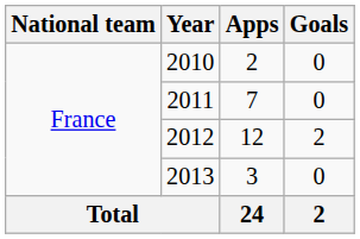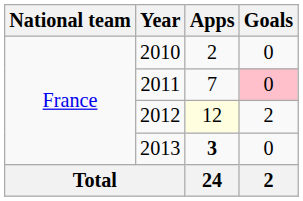 <table class="wikitable" style="text-align:center">
 <tr>
 <th>National team</th>
 <th>Year</th>
 <th>Apps</th>
 <th>Goals</th>
 </tr>
 <tr>
 <td rowspan="4"><a href='#'>France</a></td>
 <td>2010</td>
 <td>2</td>
 <td>0</td>
 </tr>
 <tr>
 <td>2011</td>
 <td>7</td>
-<td>0</td>
+<td style="background: pink;">0</td>
 </tr>
 <tr>
 <td>2012</td>
-<td>12</td>
+<td style="background: lightyellow;">12</td>
 <td>2</td>
 </tr>
 <tr>
 <td>2013</td>
-<td>3</td>
+<td><strong>3</strong></td>
 <td>0</td>
 </tr>
 <tr>
 <th colspan="2">Total</th>
 <th>24</th>
 <th>2</th>
 </tr>
 </table>
